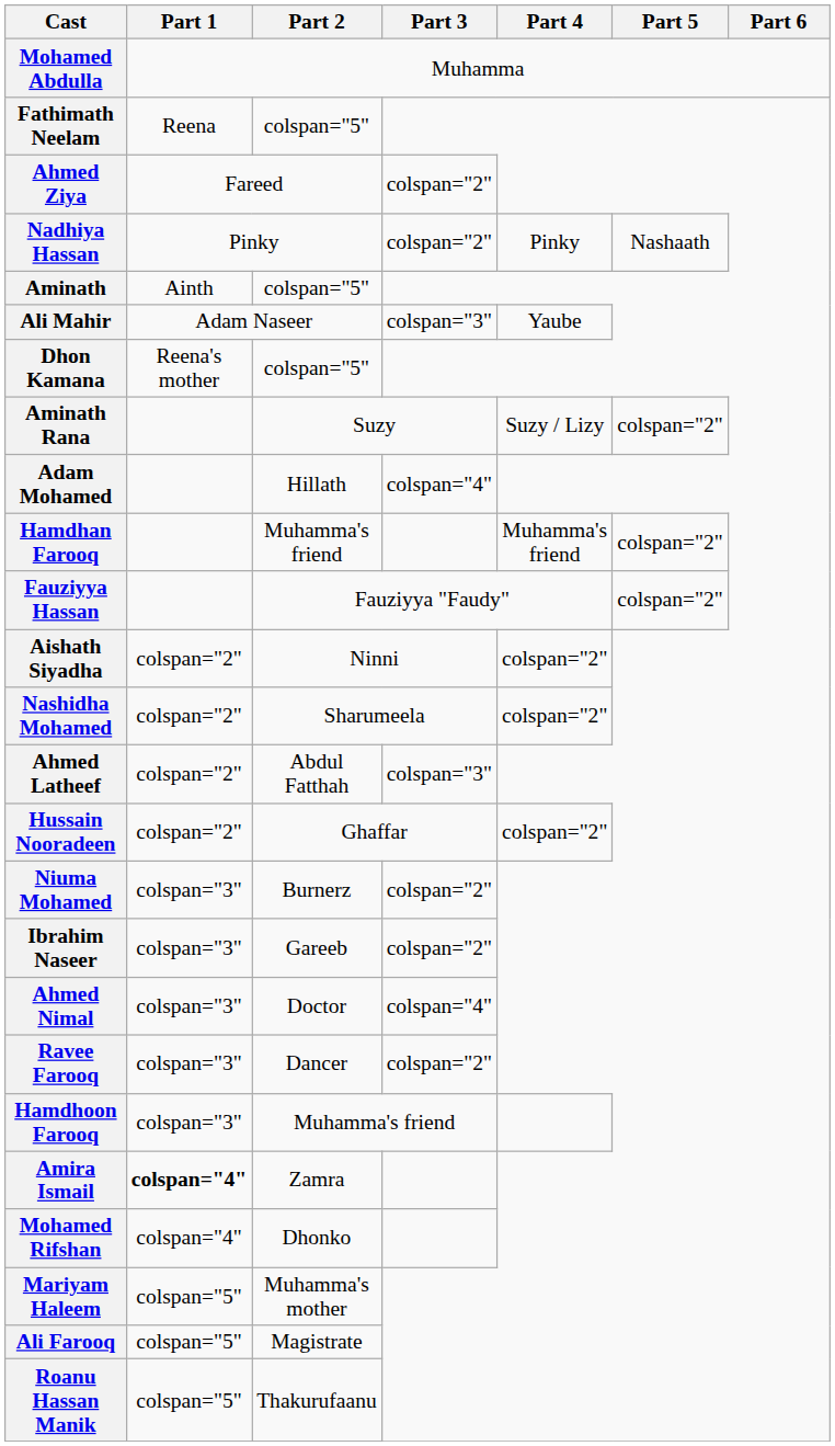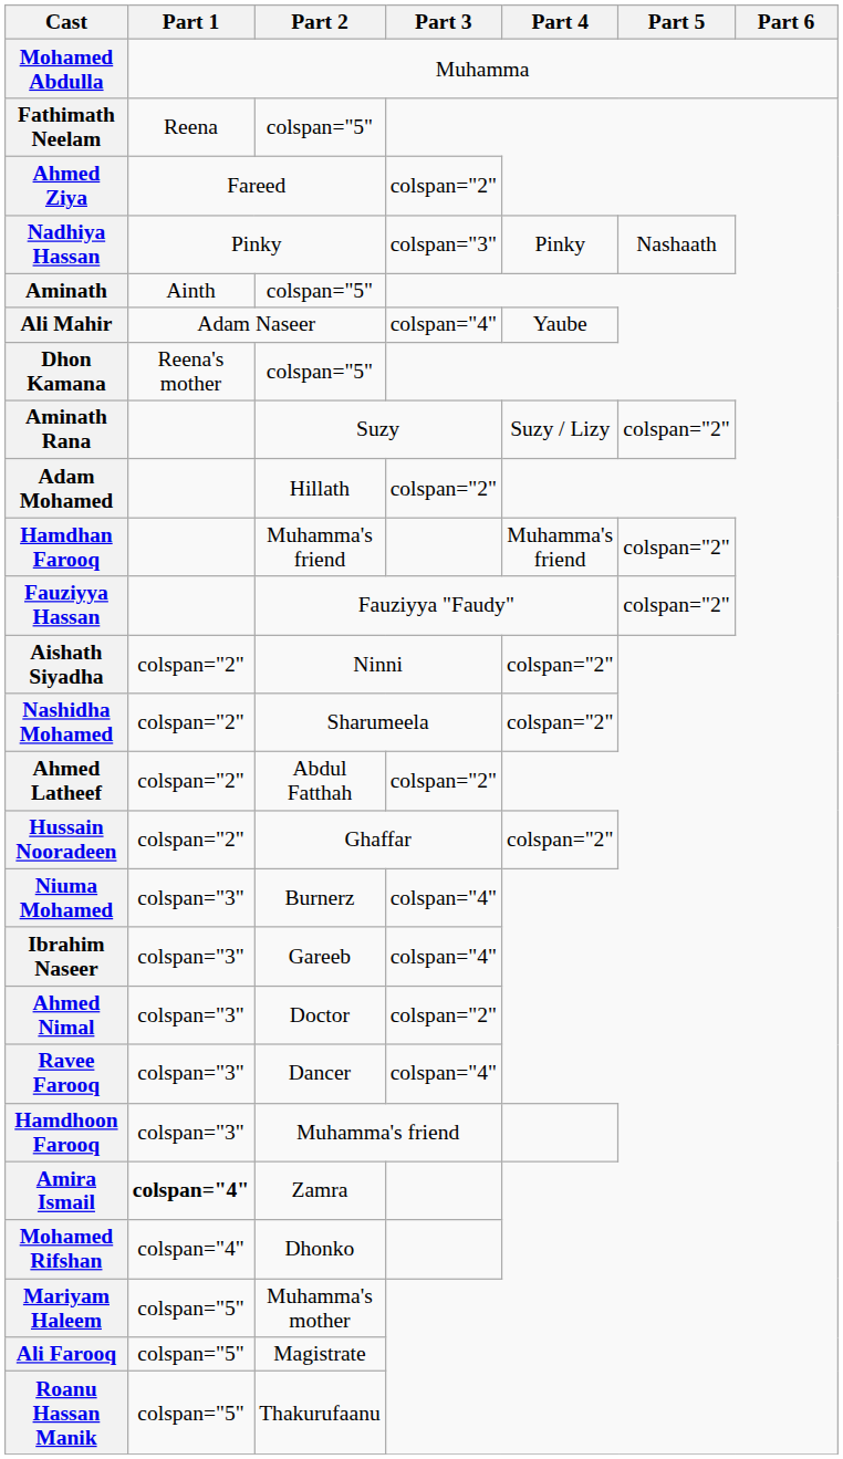 <table class="wikitable plainrowheaders" style="text-align:center" width="99%">
 <tr>
 <th scope="col" width="15%">Cast</th>
 <th scope="col" width="14%">Part 1</th>
 <th scope="col" width="14%">Part 2</th>
 <th scope="col" width="14%">Part 3</th>
 <th scope="col" width="14%">Part 4</th>
 <th scope="col" width="14%">Part 5</th>
 <th scope="col" width="14%">Part 6</th>
 </tr>
 <tr>
 <th scope="row"><a href='#'>Mohamed Abdulla</a></th>
 <td colspan="6">Muhamma</td>
 </tr>
 <tr>
 <th scope="row">Fathimath Neelam</th>
 <td>Reena</td>
 <td>colspan="5" </td>
 </tr>
 <tr>
 <th scope="row"><a href='#'>Ahmed Ziya</a></th>
 <td colspan="2">Fareed</td>
 <td>colspan="2" </td>
 </tr>
 <tr>
 <th scope="row"><a href='#'>Nadhiya Hassan</a></th>
 <td colspan="2">Pinky</td>
-<td>colspan="2" </td>
+<td>colspan="3" </td>
 <td>Pinky</td>
 <td>Nashaath</td>
 </tr>
 <tr>
 <th scope="row">Aminath</th>
 <td>Ainth</td>
 <td>colspan="5" </td>
 </tr>
 <tr>
 <th scope="row">Ali Mahir</th>
 <td colspan="2">Adam Naseer</td>
-<td>colspan="3" </td>
+<td>colspan="4" </td>
 <td Adam Naseer>Yaube</td>
 </tr>
 <tr>
 <th scope="row">Dhon Kamana</th>
 <td>Reena's mother</td>
 <td>colspan="5" </td>
 </tr>
 <tr>
 <th scope="row">Aminath Rana</th>
 <td></td>
 <td colspan="2">Suzy</td>
 <td>Suzy / Lizy</td>
 <td>colspan="2" </td>
 </tr>
 <tr>
 <th scope="row">Adam Mohamed</th>
 <td></td>
 <td>Hillath</td>
-<td>colspan="4" </td>
+<td>colspan="2" </td>
 </tr>
 <tr>
 <th scope="row"><a href='#'>Hamdhan Farooq</a></th>
 <td></td>
 <td>Muhamma's friend</td>
 <td></td>
 <td>Muhamma's friend</td>
 <td>colspan="2" </td>
 </tr>
 <tr>
 <th scope="row"><a href='#'>Fauziyya Hassan</a></th>
 <td></td>
 <td colspan="3">Fauziyya "Faudy"</td>
 <td>colspan="2" </td>
 </tr>
 <tr>
 <th scope="row">Aishath Siyadha</th>
 <td>colspan="2" </td>
 <td colspan="2">Ninni</td>
 <td>colspan="2" </td>
 </tr>
 <tr>
 <th scope="row"><a href='#'>Nashidha Mohamed</a></th>
 <td>colspan="2" </td>
 <td colspan="2">Sharumeela</td>
 <td>colspan="2" </td>
 </tr>
 <tr>
 <th scope="row">Ahmed Latheef</th>
 <td>colspan="2" </td>
 <td>Abdul Fatthah</td>
-<td>colspan="3" </td>
+<td>colspan="2" </td>
 </tr>
 <tr>
 <th scope="row"><a href='#'>Hussain Nooradeen</a></th>
 <td>colspan="2" </td>
 <td colspan="2">Ghaffar</td>
 <td>colspan="2" </td>
 </tr>
 <tr>
 <th scope="row"><a href='#'>Niuma Mohamed</a></th>
 <td>colspan="3" </td>
 <td>Burnerz</td>
-<td>colspan="2" </td>
+<td>colspan="4" </td>
 </tr>
 <tr>
 <th scope="row">Ibrahim Naseer</th>
 <td>colspan="3" </td>
 <td>Gareeb</td>
-<td>colspan="2" </td>
+<td>colspan="4" </td>
 </tr>
 <tr>
 <th scope="row"><a href='#'>Ahmed Nimal</a></th>
 <td>colspan="3" </td>
 <td>Doctor</td>
-<td>colspan="4" </td>
+<td>colspan="2" </td>
 </tr>
 <tr>
 <th scope="row"><a href='#'>Ravee Farooq</a></th>
 <td>colspan="3" </td>
 <td>Dancer</td>
-<td>colspan="2" </td>
+<td>colspan="4" </td>
 </tr>
 <tr>
 <th scope="row"><a href='#'>Hamdhoon Farooq</a></th>
 <td>colspan="3" </td>
 <td colspan="2">Muhamma's friend</td>
 <td></td>
 </tr>
 <tr>
 <th scope="row"><a href='#'>Amira Ismail</a></th>
 <td><strong>colspan="4" </strong></td>
 <td>Zamra</td>
 <td></td>
 </tr>
 <tr>
 <th scope="row"><a href='#'>Mohamed Rifshan</a></th>
 <td>colspan="4" </td>
 <td>Dhonko</td>
 <td></td>
 </tr>
 <tr>
 <th scope="row"><a href='#'>Mariyam Haleem</a></th>
 <td>colspan="5" </td>
 <td>Muhamma's mother</td>
 </tr>
 <tr>
 <th scope="row"><a href='#'>Ali Farooq</a></th>
 <td>colspan="5" </td>
 <td>Magistrate</td>
 </tr>
 <tr>
 <th scope="row"><a href='#'>Roanu Hassan Manik</a></th>
 <td>colspan="5" </td>
 <td>Thakurufaanu</td>
 </tr>
 <tr>
 </tr>
 </table>
